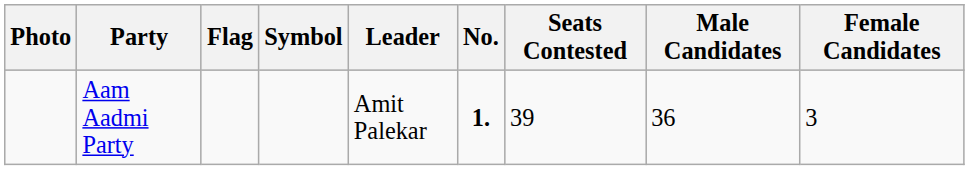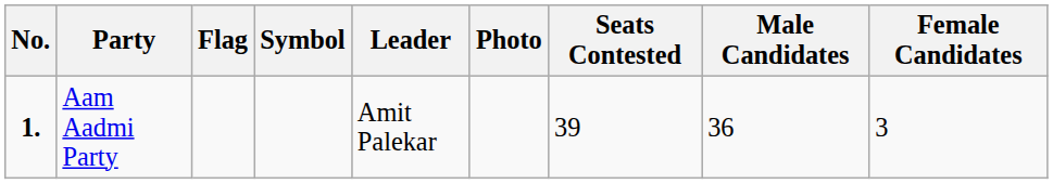 <table class="wikitable"  width="50%">
 <tr>
-<th>Photo</th>
+<th>No.</th>
 <th>Party</th>
 <th>Flag</th>
 <th>Symbol</th>
 <th>Leader</th>
-<th>No.</th>
+<th>Photo</th>
 <th>Seats Contested</th>
 <th>Male Candidates</th>
 <th>Female Candidates</th>
 </tr>
 <tr>
-<td></td>
+<td style="text-align:center; background:"><strong>1.</strong></td>
 <td><a href='#'>Aam Aadmi Party</a></td>
 <td></td>
 <td></td>
 <td>Amit Palekar</td>
-<td style="text-align:center; background:"><strong>1.</strong></td>
+<td></td>
 <td>39</td>
 <td>36</td>
 <td>3</td>
 </tr>
 </table>
